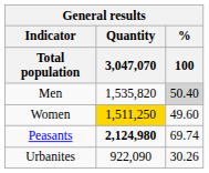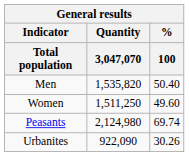 <table class="wikitable" id="cx9" style="text-align:center;clear:all; margin-right:8px; font-size:85%;" width="24%">
 <tr>
 <th colspan="8">General results</th>
 </tr>
 <tr>
 <th width="35%">Indicator</th>
 <th width="20%">Quantity</th>
 <th width="5%">%</th>
 </tr>
 <tr>
 <th>Total population</th>
 <th align="center">3,047,070</th>
 <th align="center">100</th>
 </tr>
 <tr>
 <td>Men</td>
 <td align="center">1,535,820</td>
-<td align="center" style="background: lightgrey;">50.40</td>
+<td align="center">50.40</td>
 </tr>
 <tr>
 <td>Women</td>
-<td align="center" style="background: gold;">1,511,250</td>
+<td align="center">1,511,250</td>
 <td align="center">49.60</td>
 </tr>
 <tr>
 <td><a href='#'>Peasants</a></td>
-<td align="center"><strong>2,124,980</strong></td>
+<td align="center">2,124,980</td>
 <td align="center">69.74</td>
 </tr>
 <tr>
 <td>Urbanites</td>
 <td align="center">922,090</td>
 <td align="center">30.26</td>
 </tr>
 </table>
